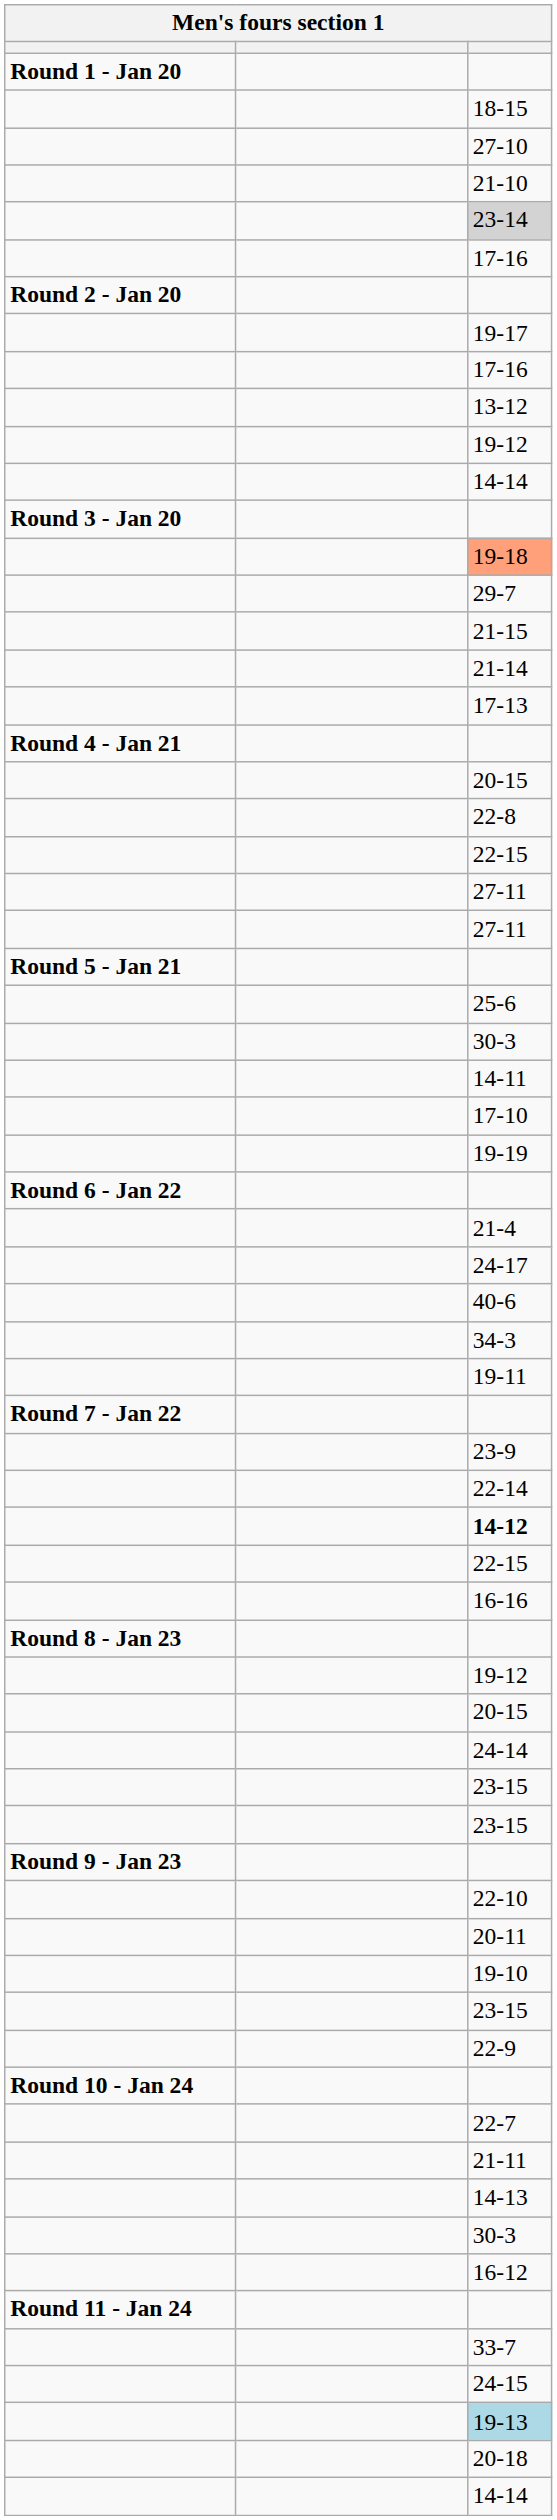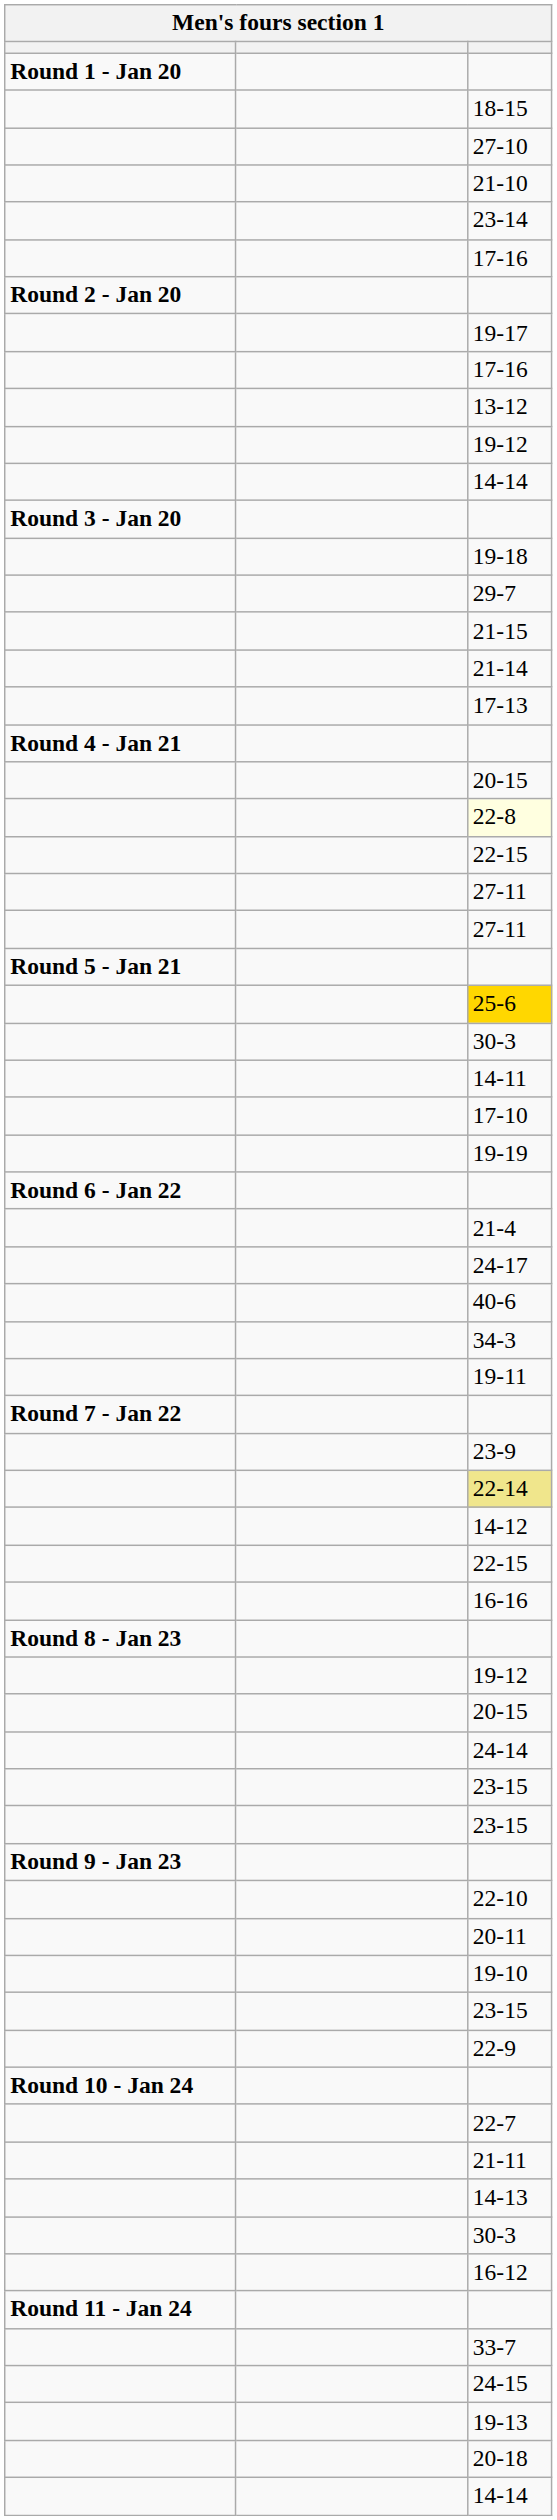 <table class="wikitable">
 <tr>
 <th colspan="3">Men's fours section 1</th>
 </tr>
 <tr>
 <th width=150></th>
 <th width=150></th>
 <th width=50></th>
 </tr>
 <tr>
 <td><strong>Round 1 - Jan 20</strong></td>
 <td></td>
 <td></td>
 </tr>
 <tr>
 <td></td>
 <td></td>
 <td>18-15</td>
 </tr>
 <tr>
 <td></td>
 <td></td>
 <td>27-10</td>
 </tr>
 <tr>
 <td></td>
 <td></td>
 <td>21-10</td>
 </tr>
 <tr>
 <td></td>
 <td></td>
-<td style="background: lightgrey;">23-14</td>
+<td>23-14</td>
 </tr>
 <tr>
 <td></td>
 <td></td>
 <td>17-16</td>
 </tr>
 <tr>
 <td><strong>Round 2 - Jan 20</strong></td>
 <td></td>
 <td></td>
 </tr>
 <tr>
 <td></td>
 <td></td>
 <td>19-17</td>
 </tr>
 <tr>
 <td></td>
 <td></td>
 <td>17-16</td>
 </tr>
 <tr>
 <td></td>
 <td></td>
 <td>13-12</td>
 </tr>
 <tr>
 <td></td>
 <td></td>
 <td>19-12</td>
 </tr>
 <tr>
 <td></td>
 <td></td>
 <td>14-14</td>
 </tr>
 <tr>
 <td><strong>Round 3 - Jan 20</strong></td>
 <td></td>
 <td></td>
 </tr>
 <tr>
 <td></td>
 <td></td>
-<td style="background: lightsalmon;">19-18</td>
+<td>19-18</td>
 </tr>
 <tr>
 <td></td>
 <td></td>
 <td>29-7</td>
 </tr>
 <tr>
 <td></td>
 <td></td>
 <td>21-15</td>
 </tr>
 <tr>
 <td></td>
 <td></td>
 <td>21-14</td>
 </tr>
 <tr>
 <td></td>
 <td></td>
 <td>17-13</td>
 </tr>
 <tr>
 <td><strong>Round 4 - Jan 21</strong></td>
 <td></td>
 <td></td>
 </tr>
 <tr>
 <td></td>
 <td></td>
 <td>20-15</td>
 </tr>
 <tr>
 <td></td>
 <td></td>
-<td>22-8</td>
+<td style="background: lightyellow;">22-8</td>
 </tr>
 <tr>
 <td></td>
 <td></td>
 <td>22-15</td>
 </tr>
 <tr>
 <td></td>
 <td></td>
 <td>27-11</td>
 </tr>
 <tr>
 <td></td>
 <td></td>
 <td>27-11</td>
 </tr>
 <tr>
 <td><strong>Round 5 - Jan 21</strong></td>
 <td></td>
 <td></td>
 </tr>
 <tr>
 <td></td>
 <td></td>
-<td>25-6</td>
+<td style="background: gold;">25-6</td>
 </tr>
 <tr>
 <td></td>
 <td></td>
 <td>30-3</td>
 </tr>
 <tr>
 <td></td>
 <td></td>
 <td>14-11</td>
 </tr>
 <tr>
 <td></td>
 <td></td>
 <td>17-10</td>
 </tr>
 <tr>
 <td></td>
 <td></td>
 <td>19-19</td>
 </tr>
 <tr>
 <td><strong>Round 6  - Jan 22</strong></td>
 <td></td>
 <td></td>
 </tr>
 <tr>
 <td></td>
 <td></td>
 <td>21-4</td>
 </tr>
 <tr>
 <td></td>
 <td></td>
 <td>24-17</td>
 </tr>
 <tr>
 <td></td>
 <td></td>
 <td>40-6</td>
 </tr>
 <tr>
 <td></td>
 <td></td>
 <td>34-3</td>
 </tr>
 <tr>
 <td></td>
 <td></td>
 <td>19-11</td>
 </tr>
 <tr>
 <td><strong>Round 7 - Jan 22</strong></td>
 <td></td>
 <td></td>
 </tr>
 <tr>
 <td></td>
 <td></td>
 <td>23-9</td>
 </tr>
 <tr>
 <td></td>
 <td></td>
-<td>22-14</td>
+<td style="background: khaki;">22-14</td>
 </tr>
 <tr>
 <td></td>
 <td></td>
-<td><strong>14-12</strong></td>
+<td>14-12</td>
 </tr>
 <tr>
 <td></td>
 <td></td>
 <td>22-15</td>
 </tr>
 <tr>
 <td></td>
 <td></td>
 <td>16-16</td>
 </tr>
 <tr>
 <td><strong>Round 8 - Jan 23</strong></td>
 <td></td>
 <td></td>
 </tr>
 <tr>
 <td></td>
 <td></td>
 <td>19-12</td>
 </tr>
 <tr>
 <td></td>
 <td></td>
 <td>20-15</td>
 </tr>
 <tr>
 <td></td>
 <td></td>
 <td>24-14</td>
 </tr>
 <tr>
 <td></td>
 <td></td>
 <td>23-15</td>
 </tr>
 <tr>
 <td></td>
 <td></td>
 <td>23-15</td>
 </tr>
 <tr>
 <td><strong>Round 9 - Jan 23</strong></td>
 <td></td>
 <td></td>
 </tr>
 <tr>
 <td></td>
 <td></td>
 <td>22-10</td>
 </tr>
 <tr>
 <td></td>
 <td></td>
 <td>20-11</td>
 </tr>
 <tr>
 <td></td>
 <td></td>
 <td>19-10</td>
 </tr>
 <tr>
 <td></td>
 <td></td>
 <td>23-15</td>
 </tr>
 <tr>
 <td></td>
 <td></td>
 <td>22-9</td>
 </tr>
 <tr>
 <td><strong>Round 10 - Jan 24</strong></td>
 <td></td>
 <td></td>
 </tr>
 <tr>
 <td></td>
 <td></td>
 <td>22-7</td>
 </tr>
 <tr>
 <td></td>
 <td></td>
 <td>21-11</td>
 </tr>
 <tr>
 <td></td>
 <td></td>
 <td>14-13</td>
 </tr>
 <tr>
 <td></td>
 <td></td>
 <td>30-3</td>
 </tr>
 <tr>
 <td></td>
 <td></td>
 <td>16-12</td>
 </tr>
 <tr>
 <td><strong>Round 11 - Jan 24</strong></td>
 <td></td>
 <td></td>
 </tr>
 <tr>
 <td></td>
 <td></td>
 <td>33-7</td>
 </tr>
 <tr>
 <td></td>
 <td></td>
 <td>24-15</td>
 </tr>
 <tr>
 <td></td>
 <td></td>
-<td style="background: lightblue;">19-13</td>
+<td>19-13</td>
 </tr>
 <tr>
 <td></td>
 <td></td>
 <td>20-18</td>
 </tr>
 <tr>
 <td></td>
 <td></td>
 <td>14-14</td>
 </tr>
 </table>
